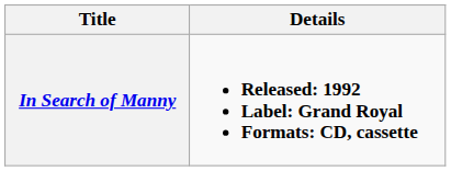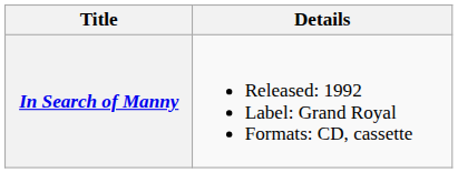 <table class="wikitable plainrowheaders">
 <tr>
 <th align=center width=150>Title</th>
 <th align=center width=210>Details</th>
 </tr>
 <tr>
 <th scope="row"><em><a href='#'>In Search of Manny</a></em></th>
-<td><strong><br><ul><li>Released: 1992</li><li>Label: Grand Royal</li><li>Formats: CD, cassette</li></ul></strong></td>
+<td><br><ul><li>Released: 1992</li><li>Label: Grand Royal</li><li>Formats: CD, cassette</li></ul></td>
 </tr>
 </table>
